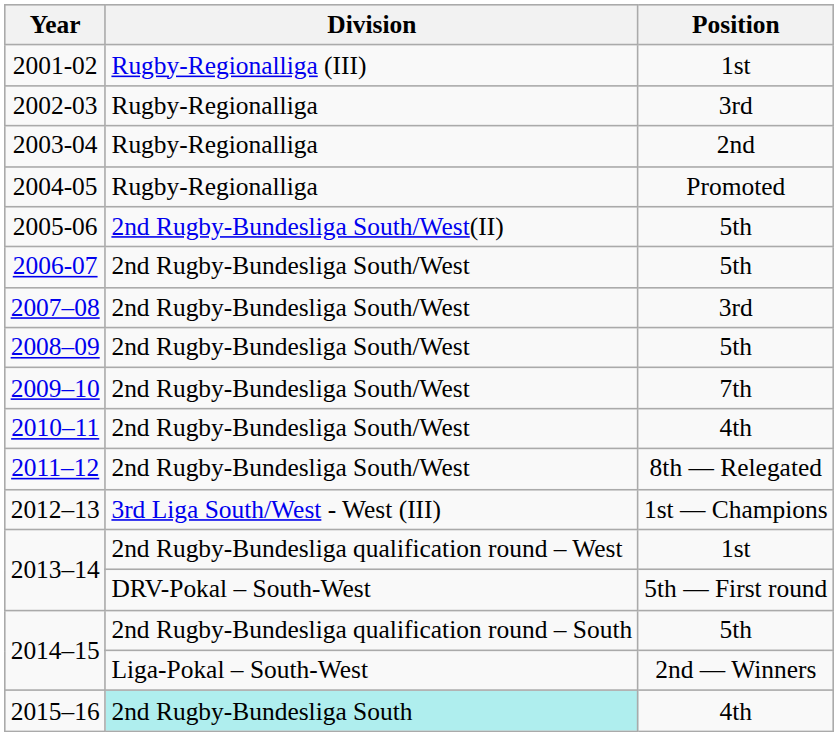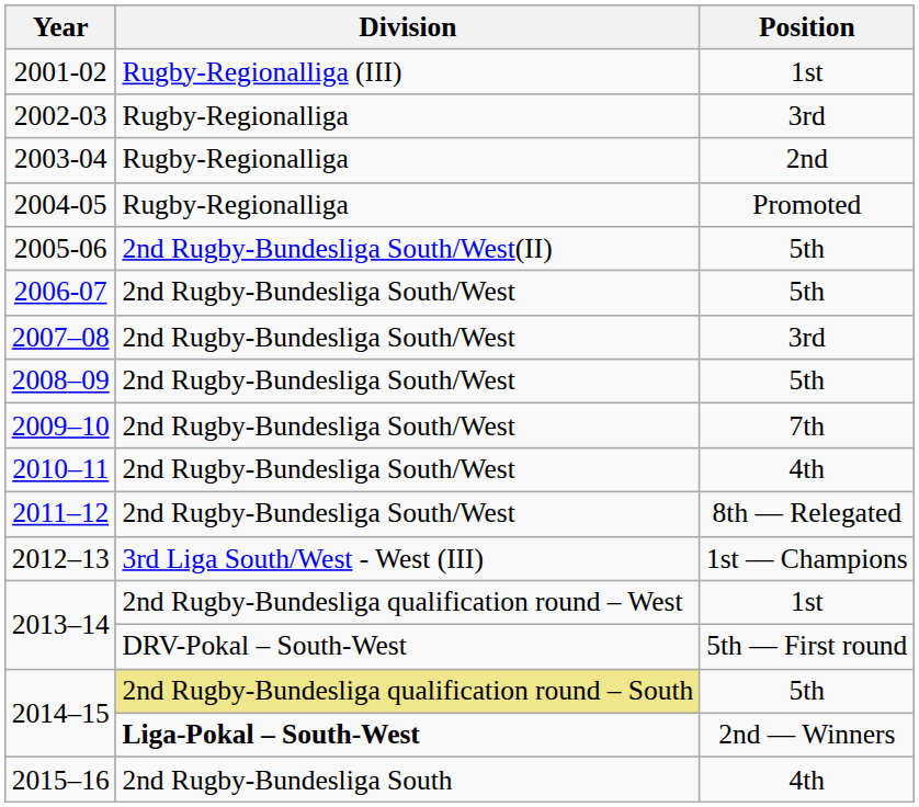 <table class="wikitable">
 <tr>
 <th>Year</th>
 <th>Division</th>
 <th>Position</th>
 </tr>
 <tr align="center">
 <td>2001-02</td>
 <td align="left"><a href='#'>Rugby-Regionalliga</a> (III)</td>
 <td>1st</td>
 </tr>
 <tr align="center">
 <td>2002-03</td>
 <td align="left">Rugby-Regionalliga</td>
 <td>3rd</td>
 </tr>
 <tr align="center">
 <td>2003-04</td>
 <td align="left">Rugby-Regionalliga</td>
 <td>2nd</td>
 </tr>
 <tr align="center">
 <td>2004-05</td>
 <td align="left">Rugby-Regionalliga</td>
 <td>Promoted</td>
 </tr>
 <tr align="center">
 <td>2005-06</td>
 <td align="left"><a href='#'>2nd Rugby-Bundesliga South/West</a>(II)</td>
 <td>5th</td>
 </tr>
 <tr align="center">
 <td><a href='#'>2006-07</a></td>
 <td align="left">2nd Rugby-Bundesliga South/West</td>
 <td>5th</td>
 </tr>
 <tr align="center">
 <td><a href='#'>2007–08</a></td>
 <td align="left">2nd Rugby-Bundesliga South/West</td>
 <td>3rd</td>
 </tr>
 <tr align="center">
 <td><a href='#'>2008–09</a></td>
 <td align="left">2nd Rugby-Bundesliga South/West</td>
 <td>5th</td>
 </tr>
 <tr align="center">
 <td><a href='#'>2009–10</a></td>
 <td align="left">2nd Rugby-Bundesliga South/West</td>
 <td>7th</td>
 </tr>
 <tr align="center">
 <td><a href='#'>2010–11</a></td>
 <td align="left">2nd Rugby-Bundesliga South/West</td>
 <td>4th</td>
 </tr>
 <tr align="center">
 <td><a href='#'>2011–12</a></td>
 <td align="left">2nd Rugby-Bundesliga South/West</td>
 <td>8th — Relegated</td>
 </tr>
 <tr align="center">
 <td>2012–13</td>
 <td align="left"><a href='#'>3rd Liga South/West</a> - West    (III)</td>
 <td>1st — Champions</td>
 </tr>
 <tr align="center">
 <td rowspan=2>2013–14</td>
 <td align="left">2nd Rugby-Bundesliga qualification round – West</td>
 <td>1st</td>
 </tr>
 <tr align="center">
 <td align="left">DRV-Pokal – South-West</td>
 <td>5th — First round</td>
 </tr>
 <tr align="center">
 <td rowspan=2>2014–15</td>
-<td align="left">2nd Rugby-Bundesliga qualification round – South</td>
+<td align="left" style="background: khaki;">2nd Rugby-Bundesliga qualification round – South</td>
 <td>5th</td>
 </tr>
 <tr align="center">
-<td align="left">Liga-Pokal – South-West</td>
+<td align="left"><strong>Liga-Pokal – South-West</strong></td>
 <td>2nd — Winners</td>
 </tr>
 <tr align="center">
 <td>2015–16</td>
-<td align="left" style="background: paleturquoise;">2nd Rugby-Bundesliga South</td>
+<td align="left">2nd Rugby-Bundesliga South</td>
 <td>4th</td>
 </tr>
 </table>
